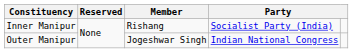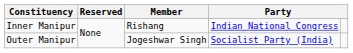 <table class="wikitable sortable">
 <tr>
 <th>Constituency</th>
 <th>Reserved</th>
 <th>Member</th>
 <th colspan=2>Party</th>
 </tr>
 <tr>
 <td>Inner Manipur</td>
 <td rowspan=2>None</td>
 <td>Rishang</td>
-<td><a href='#'>Socialist Party (India)</a></td>
+<td><a href='#'>Indian National Congress</a></td>
 <td width="4px" style="background-color: "></td>
 </tr>
 <tr>
 <td>Outer Manipur</td>
 <td>Jogeshwar Singh</td>
-<td><a href='#'>Indian National Congress</a></td>
+<td><a href='#'>Socialist Party (India)</a></td>
 <td width="4px" style="background-color: "></td>
 </tr>
 </table>
